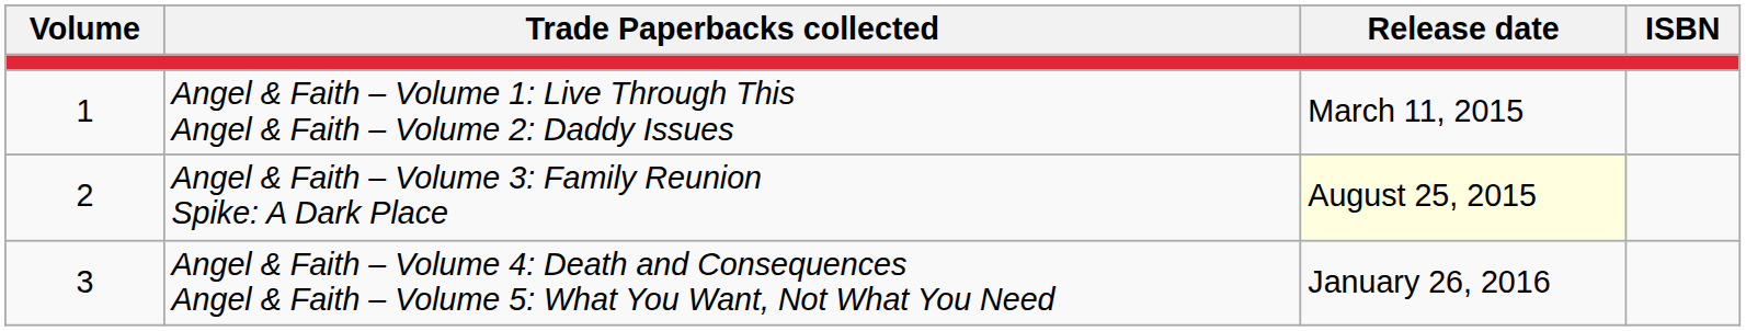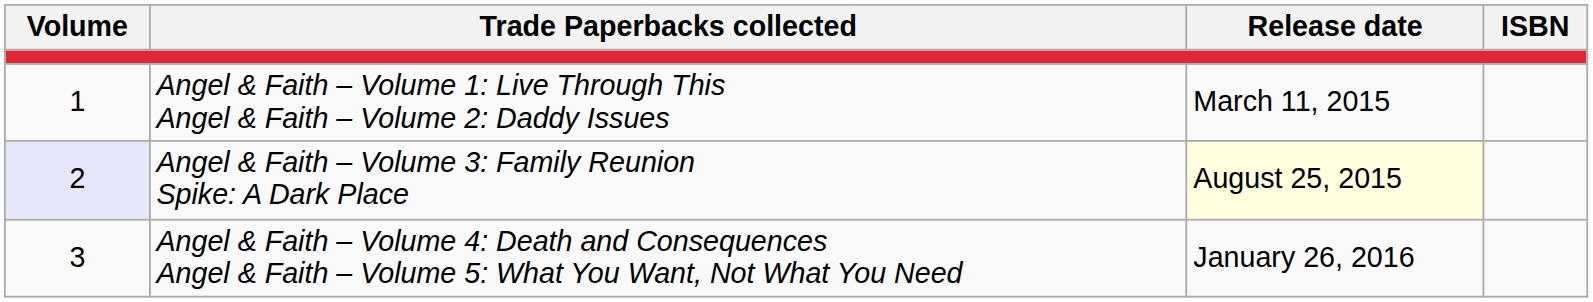 <table class="wikitable" style="width:70%">
 <tr>
 <th>Volume</th>
 <th>Trade Paperbacks collected</th>
 <th>Release date</th>
 <th>ISBN</th>
 </tr>
 <tr>
 <td colspan="6" style="background:#e32636;"></td>
 </tr>
 <tr>
 <td align=center>1</td>
 <td><em>Angel & Faith – Volume 1: Live Through This</em><br><em>Angel & Faith – Volume 2: Daddy Issues</em></td>
 <td>March 11, 2015</td>
 <td></td>
 </tr>
 <tr>
-<td align=center>2</td>
+<td align=center style="background: lavender;">2</td>
 <td><em>Angel & Faith – Volume 3: Family Reunion</em><br><em>Spike: A Dark Place</em></td>
 <td style="background: lightyellow;">August 25, 2015</td>
 <td></td>
 </tr>
 <tr>
 <td align=center>3</td>
 <td><em>Angel & Faith – Volume 4: Death and Consequences</em><br><em>Angel & Faith – Volume 5: What You Want, Not What You Need</em></td>
 <td>January 26, 2016</td>
 <td></td>
 </tr>
 </table>
